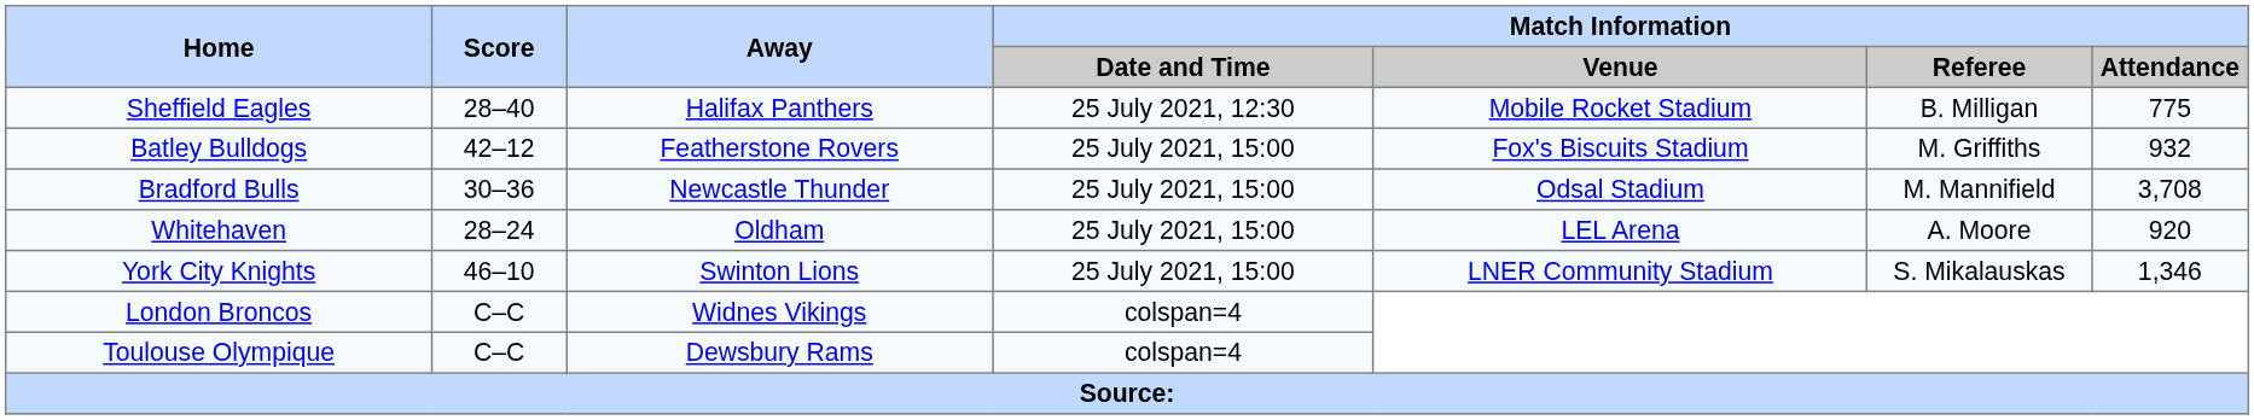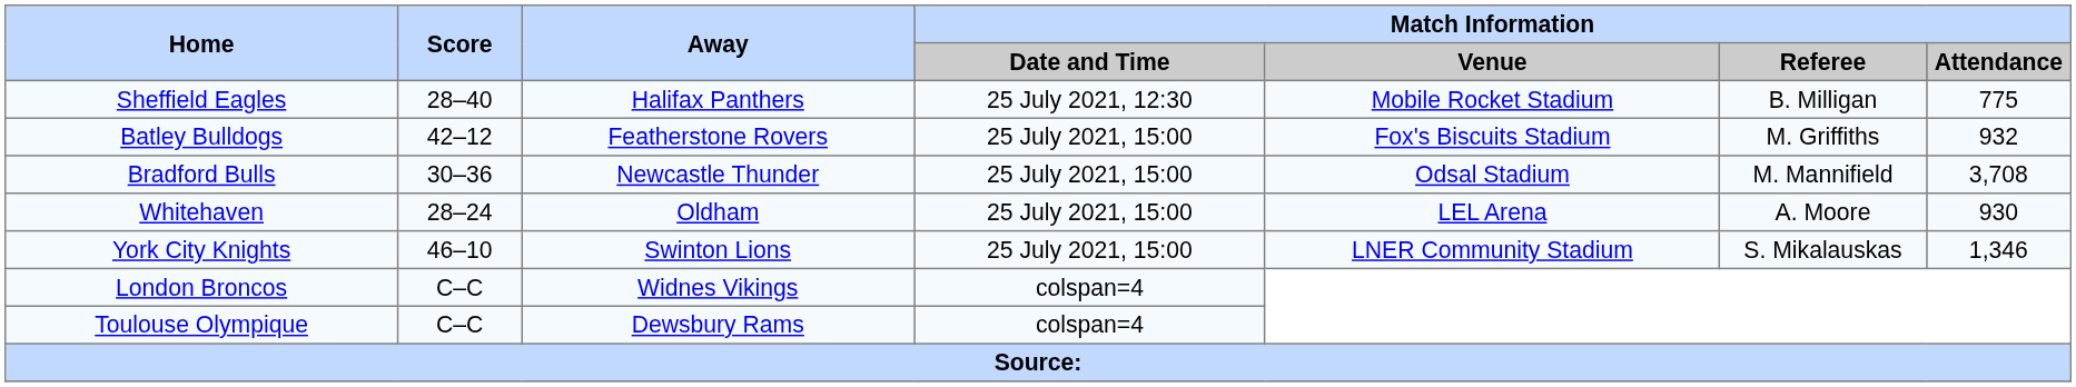 <table border=1 style="border-collapse:collapse; font-size:90%; text-align:center;" cellpadding=3 cellspacing=0 width=100%>
 <tr style="background:#c1d8ff;">
 <th scope="col" rowspan=2 width=19%>Home</th>
 <th scope="col" rowspan=2 width=6%>Score</th>
 <th scope="col" rowspan=2 width=19%>Away</th>
 <th colspan=6>Match Information</th>
 </tr>
 <tr style="background:#cccccc;">
 <th scope="col" width=17%>Date and Time</th>
 <th scope="col" width=22%>Venue</th>
 <th scope="col" width=10%>Referee</th>
 <th scope="col" width=7%>Attendance</th>
 </tr>
 <tr style="background:#f5faff;">
 <td> <a href='#'>Sheffield Eagles</a></td>
 <td>28–40</td>
 <td> <a href='#'>Halifax Panthers</a></td>
 <td>25 July 2021, 12:30</td>
 <td><a href='#'>Mobile Rocket Stadium</a></td>
 <td>B. Milligan</td>
 <td>775</td>
 </tr>
 <tr style="background:#f5faff;">
 <td> <a href='#'>Batley Bulldogs</a></td>
 <td>42–12</td>
 <td> <a href='#'>Featherstone Rovers</a></td>
 <td>25 July 2021, 15:00</td>
 <td><a href='#'>Fox's Biscuits Stadium</a></td>
 <td>M. Griffiths</td>
 <td>932</td>
 </tr>
 <tr style="background:#f5faff;">
 <td> <a href='#'>Bradford Bulls</a></td>
 <td>30–36</td>
 <td> <a href='#'>Newcastle Thunder</a></td>
 <td>25 July 2021, 15:00</td>
 <td><a href='#'>Odsal Stadium</a></td>
 <td>M. Mannifield</td>
 <td>3,708</td>
 </tr>
 <tr style="background:#f5faff;">
 <td> <a href='#'>Whitehaven</a></td>
 <td>28–24</td>
 <td> <a href='#'>Oldham</a></td>
 <td>25 July 2021, 15:00</td>
 <td><a href='#'>LEL Arena</a></td>
 <td>A. Moore</td>
-<td>920</td>
+<td>930</td>
 </tr>
 <tr style="background:#f5faff;">
 <td> <a href='#'>York City Knights</a></td>
 <td>46–10</td>
 <td> <a href='#'>Swinton Lions</a></td>
 <td>25 July 2021, 15:00</td>
 <td><a href='#'>LNER Community Stadium</a></td>
 <td>S. Mikalauskas</td>
 <td>1,346</td>
 </tr>
 <tr style="background:#f5faff;">
 <td> <a href='#'>London Broncos</a></td>
 <td>C–C</td>
 <td> <a href='#'>Widnes Vikings</a></td>
 <td>colspan=4</td>
 </tr>
 <tr style="background:#f5faff;">
 <td> <a href='#'>Toulouse Olympique</a></td>
 <td>C–C</td>
 <td> <a href='#'>Dewsbury Rams</a></td>
 <td>colspan=4 </td>
 </tr>
 <tr style="background:#c1d8ff;">
 <th colspan=7>Source:</th>
 </tr>
 </table>
